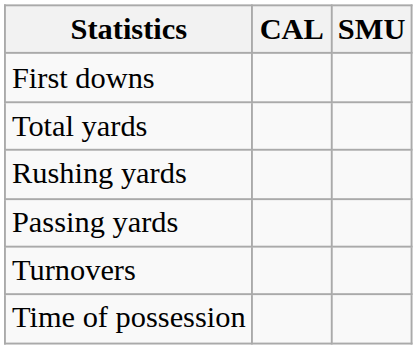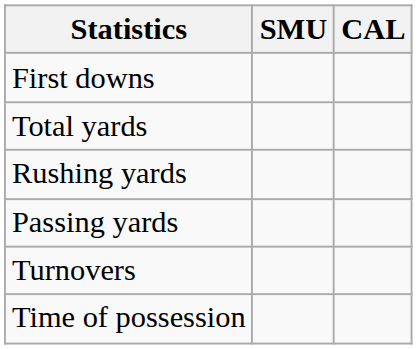 <table class="wikitable" style="float:left">
 <tr>
 <th>Statistics</th>
+<th>SMU</th>
 <th>CAL</th>
-<th>SMU</th>
 </tr>
 <tr>
 <td>First downs</td>
 <td></td>
 <td></td>
 </tr>
 <tr>
 <td>Total yards</td>
 <td></td>
 <td></td>
 </tr>
 <tr>
 <td>Rushing yards</td>
 <td></td>
 <td></td>
 </tr>
 <tr>
 <td>Passing yards</td>
 <td></td>
 <td></td>
 </tr>
 <tr>
 <td>Turnovers</td>
 <td></td>
 <td></td>
 </tr>
 <tr>
 <td>Time of possession</td>
 <td></td>
 <td></td>
 </tr>
 </table>
